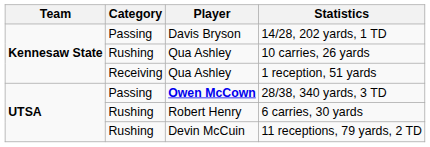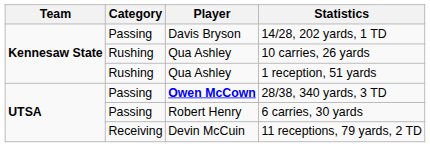 <table class="wikitable" style="float: right;">
 <tr>
 <th>Team</th>
 <th>Category</th>
 <th>Player</th>
 <th>Statistics</th>
 </tr>
 <tr>
 <td rowspan=3><strong>Kennesaw State</strong></td>
 <td>Passing</td>
 <td>Davis Bryson</td>
 <td>14/28, 202 yards, 1 TD</td>
 </tr>
 <tr>
 <td>Rushing</td>
 <td>Qua Ashley</td>
 <td>10 carries, 26 yards</td>
 </tr>
 <tr>
-<td>Receiving</td>
+<td>Rushing</td>
 <td>Qua Ashley</td>
 <td>1 reception, 51 yards</td>
 </tr>
 <tr>
 <td rowspan=3><strong>UTSA</strong></td>
 <td>Passing</td>
 <td><strong><a href='#'>Owen McCown</a></strong></td>
 <td>28/38, 340 yards, 3 TD</td>
 </tr>
 <tr>
-<td>Rushing</td>
+<td>Passing</td>
 <td>Robert Henry</td>
 <td>6 carries, 30 yards</td>
 </tr>
 <tr>
-<td>Rushing</td>
+<td>Receiving</td>
 <td>Devin McCuin</td>
 <td>11 receptions, 79 yards, 2 TD</td>
 </tr>
 </table>
